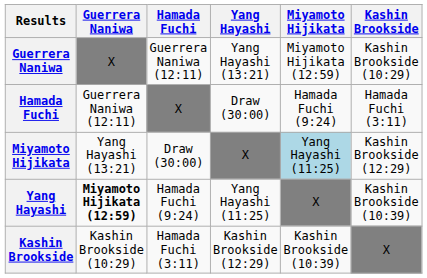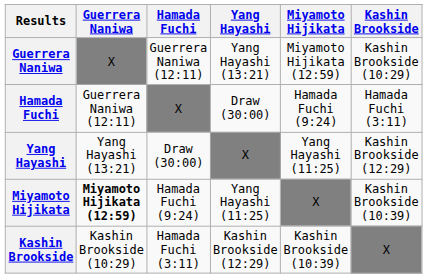 <table class="wikitable" style="text-align:center; margin: 1em auto 1em auto">
 <tr>
 <th>Results</th>
 <th><a href='#'>Guerrera</a><br><a href='#'>Naniwa</a></th>
 <th><a href='#'>Hamada</a><br><a href='#'>Fuchi</a></th>
 <th><a href='#'>Yang</a><br><a href='#'>Hayashi</a></th>
 <th><a href='#'>Miyamoto</a><br><a href='#'>Hijikata</a></th>
 <th><a href='#'>Kashin</a><br><a href='#'>Brookside</a></th>
 </tr>
 <tr>
 <th><a href='#'>Guerrera</a><br><a href='#'>Naniwa</a></th>
 <td bgcolor=grey>X</td>
 <td>Guerrera<br>Naniwa<br>(12:11)</td>
 <td>Yang<br>Hayashi<br>(13:21)</td>
 <td>Miyamoto<br>Hijikata<br>(12:59)</td>
 <td>Kashin<br>Brookside<br>(10:29)</td>
 </tr>
 <tr>
 <th><a href='#'>Hamada</a><br><a href='#'>Fuchi</a></th>
 <td>Guerrera<br>Naniwa<br>(12:11)</td>
 <td bgcolor=grey>X</td>
 <td>Draw<br>(30:00)</td>
 <td>Hamada<br>Fuchi<br>(9:24)</td>
 <td>Hamada<br>Fuchi<br>(3:11)</td>
 </tr>
 <tr>
-<th><a href='#'>Miyamoto</a><br><a href='#'>Hijikata</a></th>
+<th><a href='#'>Yang</a><br><a href='#'>Hayashi</a></th>
 <td>Yang<br>Hayashi<br>(13:21)</td>
 <td>Draw<br>(30:00)</td>
 <td bgcolor=grey>X</td>
-<td style="background: lightblue;">Yang<br>Hayashi<br>(11:25)</td>
+<td>Yang<br>Hayashi<br>(11:25)</td>
 <td>Kashin<br>Brookside<br>(12:29)</td>
 </tr>
 <tr>
-<th><a href='#'>Yang</a><br><a href='#'>Hayashi</a></th>
+<th><a href='#'>Miyamoto</a><br><a href='#'>Hijikata</a></th>
 <td><strong>Miyamoto<br>Hijikata<br>(12:59)</strong></td>
 <td>Hamada<br>Fuchi<br>(9:24)</td>
 <td>Yang<br>Hayashi<br>(11:25)</td>
 <td bgcolor=grey>X</td>
 <td>Kashin<br>Brookside<br>(10:39)</td>
 </tr>
 <tr>
 <th><a href='#'>Kashin</a><br><a href='#'>Brookside</a></th>
 <td>Kashin<br>Brookside<br>(10:29)</td>
 <td>Hamada<br>Fuchi<br>(3:11)</td>
 <td>Kashin<br>Brookside<br>(12:29)</td>
 <td>Kashin<br>Brookside<br>(10:39)</td>
 <td bgcolor=grey>X</td>
 </tr>
 </table>
